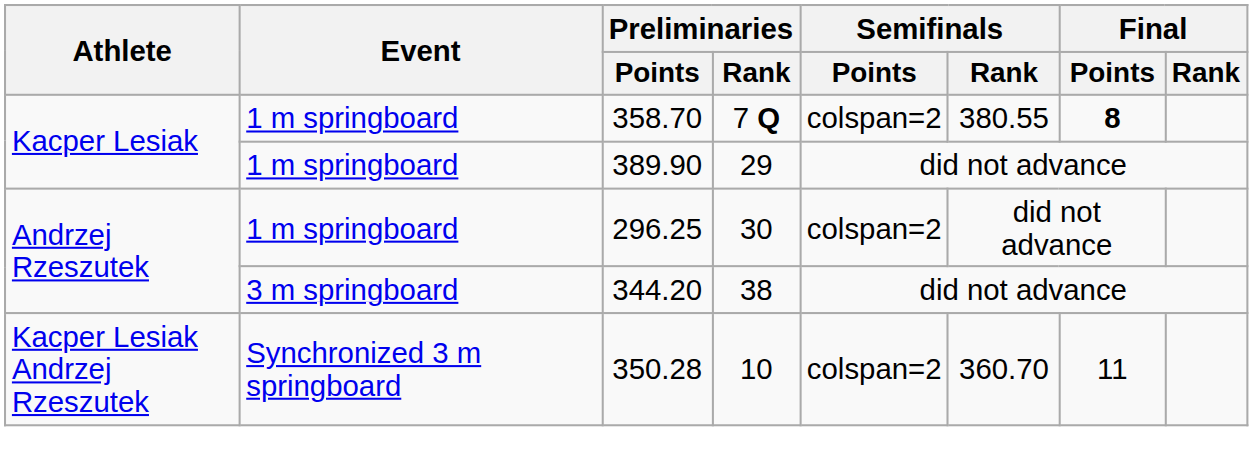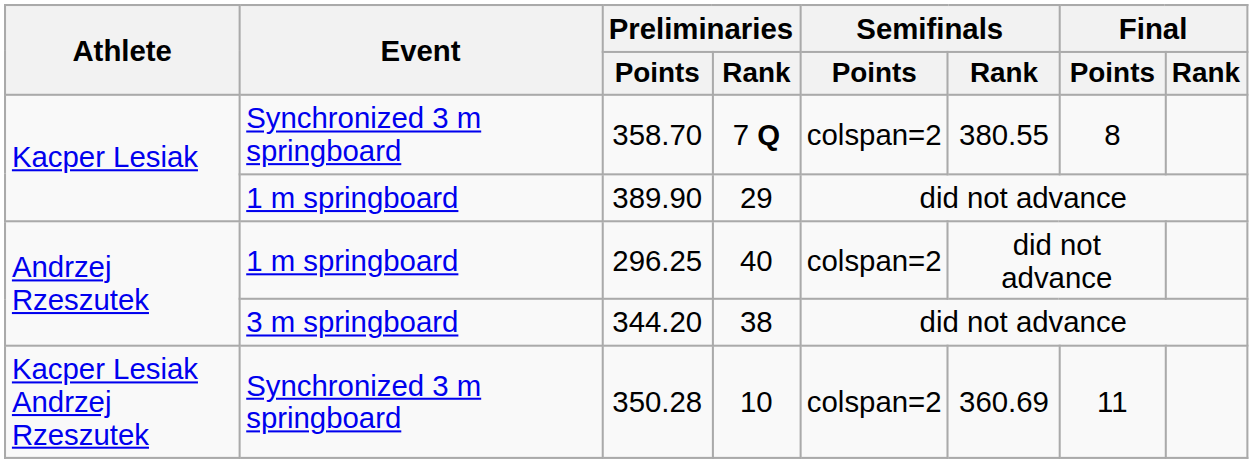 <table class=wikitable style="font-size:90%;">
 <tr>
 <th rowspan="2">Athlete</th>
 <th rowspan="2">Event</th>
 <th colspan="2">Preliminaries</th>
 <th colspan="2">Semifinals</th>
 <th colspan="2">Final</th>
 </tr>
 <tr style="font-size:95%">
 <th>Points</th>
 <th>Rank</th>
 <th>Points</th>
 <th>Rank</th>
 <th>Points</th>
 <th>Rank</th>
 </tr>
 <tr align=center>
 <td align=left rowspan=2><a href='#'>Kacper Lesiak</a></td>
-<td align=left><a href='#'>1 m springboard</a></td>
+<td align=left><a href='#'>Synchronized 3 m springboard</a></td>
 <td>358.70</td>
 <td>7 <strong>Q</strong></td>
 <td>colspan=2 </td>
 <td>380.55</td>
-<td><strong>8</strong></td>
+<td>8</td>
 </tr>
 <tr align=center>
 <td align=left><a href='#'>1 m springboard</a></td>
 <td>389.90</td>
 <td>29</td>
 <td colspan=4>did not advance</td>
 </tr>
 <tr align=center>
 <td align=left rowspan=2><a href='#'>Andrzej Rzeszutek</a></td>
 <td align=left><a href='#'>1 m springboard</a></td>
 <td>296.25</td>
-<td>30</td>
+<td>40</td>
 <td>colspan=2 </td>
 <td colspan=2>did not advance</td>
 </tr>
 <tr align=center>
 <td align=left><a href='#'>3 m springboard</a></td>
 <td>344.20</td>
 <td>38</td>
 <td colspan=4>did not advance</td>
 </tr>
 <tr align=center>
 <td align=left><a href='#'>Kacper Lesiak</a><br><a href='#'>Andrzej Rzeszutek</a></td>
 <td align=left><a href='#'>Synchronized 3 m springboard</a></td>
 <td>350.28</td>
 <td>10</td>
 <td>colspan=2 </td>
-<td>360.70</td>
+<td>360.69</td>
 <td>11</td>
 </tr>
 </table>
